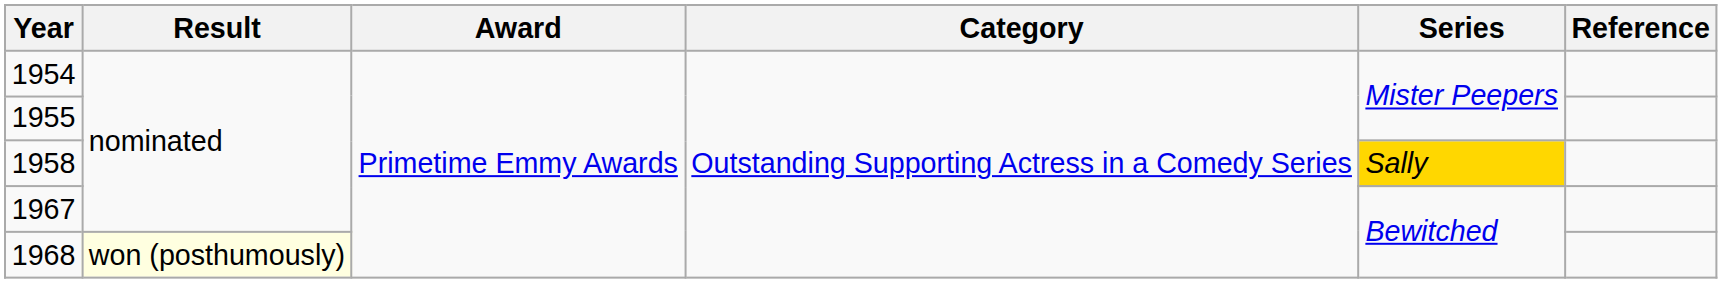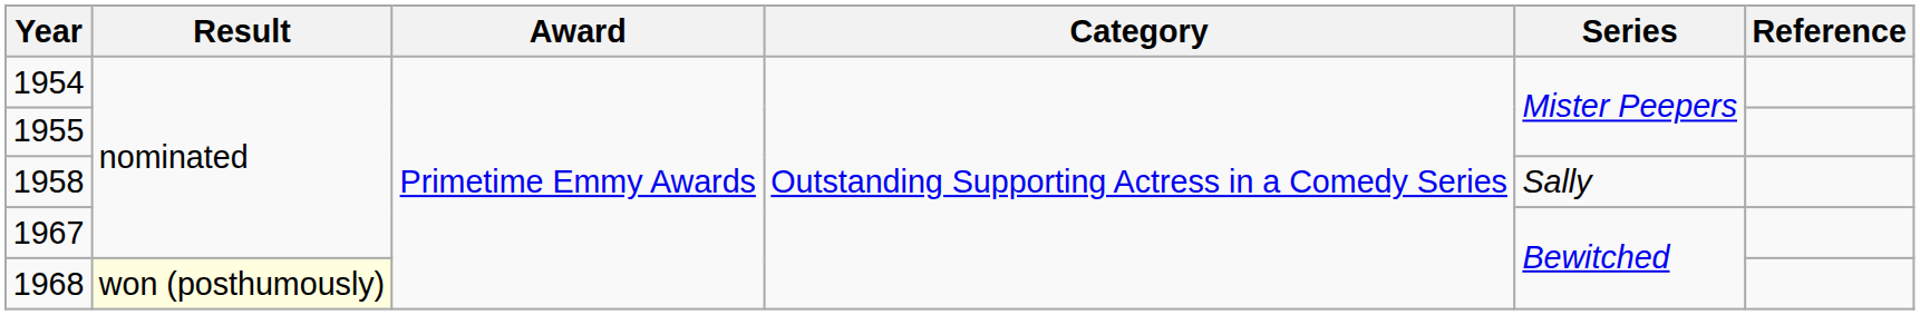 <table class="wikitable" style="font-size: 90%;">
 <tr>
 <th>Year</th>
 <th>Result</th>
 <th>Award</th>
 <th>Category</th>
 <th>Series</th>
 <th>Reference</th>
 </tr>
 <tr>
 <td>1954</td>
 <td rowspan=4>nominated</td>
 <td rowspan=5><a href='#'>Primetime Emmy Awards</a></td>
 <td rowspan=5><a href='#'>Outstanding Supporting Actress in a Comedy Series</a></td>
 <td rowspan=2><em><a href='#'>Mister Peepers</a></em></td>
 <td></td>
 </tr>
 <tr>
 <td>1955</td>
 <td></td>
 </tr>
 <tr>
 <td>1958</td>
-<td style="background: gold;"><em>Sally</em></td>
+<td><em>Sally</em></td>
 <td></td>
 </tr>
 <tr>
 <td>1967</td>
 <td rowspan=2><em><a href='#'>Bewitched</a></em></td>
 <td></td>
 </tr>
 <tr>
 <td>1968</td>
 <td style="background: lightyellow;">won (posthumously)</td>
 <td></td>
 </tr>
 </table>
